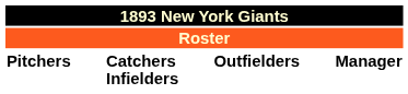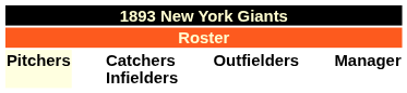 <table class="toccolours" style="font-size: 95%;">
 <tr>
 <th colspan="10" style="background-color: black; color: #FFFDD0; text-align: center;">1893 New York Giants</th>
 </tr>
 <tr>
 <td colspan="10" style="background-color: #fd5a1e; color: #FFFDD0; text-align: center;"><strong>Roster</strong></td>
 </tr>
 <tr>
-<td valign="top"><strong>Pitchers</strong><br>           </td>
+<td valign="top" style="background: lightyellow;"><strong>Pitchers</strong><br>           </td>
 <td width="25px"></td>
 <td valign="top"><strong>Catchers</strong><br>     <strong>Infielders</strong>     </td>
 <td width="25px"></td>
 <td valign="top"><strong>Outfielders</strong><br>     </td>
 <td width="25px"></td>
 <td valign="top"><strong>Manager</strong><br></td>
 </tr>
 </table>
